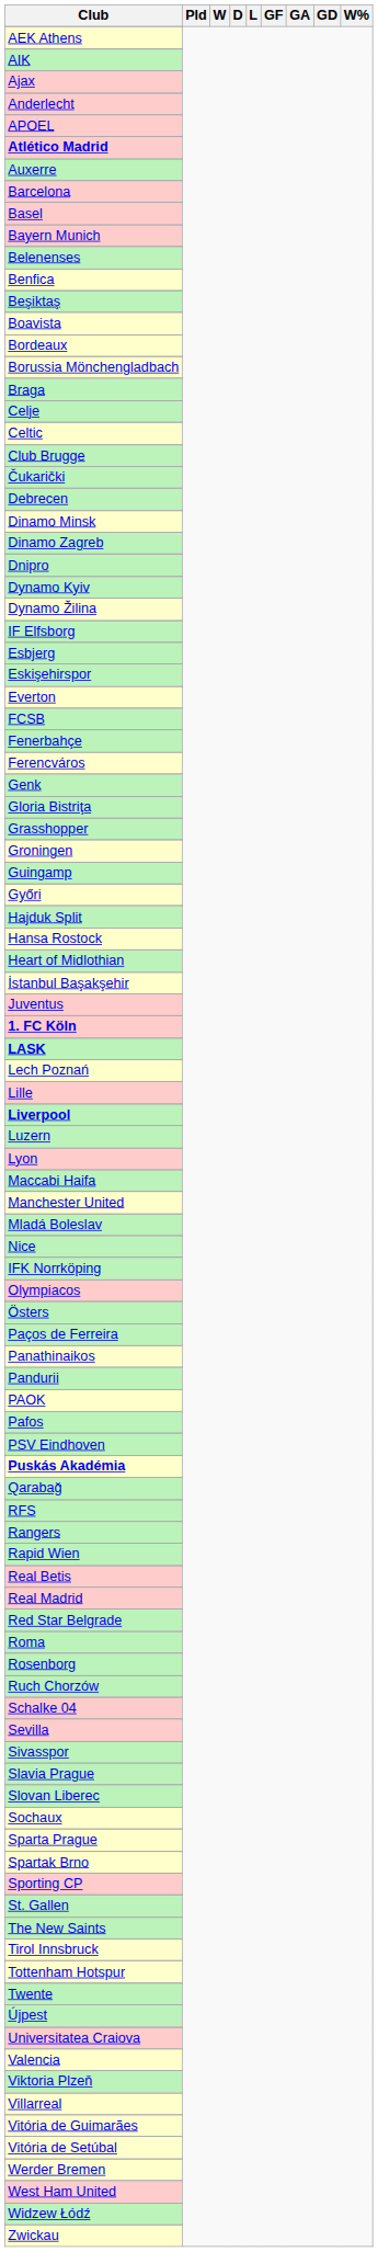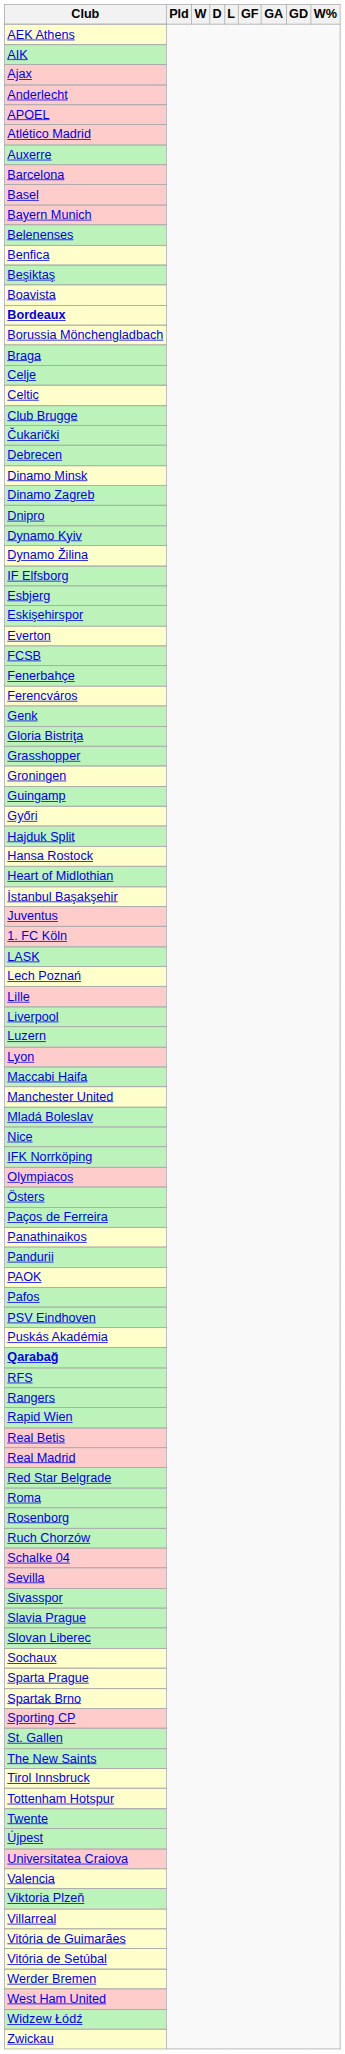 <table class="wikitable sortable" style="text-align: left;">
 <tr>
 <th>Club</th>
 <th>Pld</th>
 <th>W</th>
 <th>D</th>
 <th>L</th>
 <th>GF</th>
 <th>GA</th>
 <th>GD</th>
 <th>W%</th>
 </tr>
 <tr>
 </tr>
 <tr bgcolor= "#ffffcc">
 <td style=align=left> <a href='#'>AEK Athens</a><br></td>
 </tr>
 <tr>
 </tr>
 <tr bgcolor= "#bbf3bb">
 <td style=align=left> <a href='#'>AIK</a><br></td>
 </tr>
 <tr>
 </tr>
 <tr bgcolor= "#ffcccc">
 <td style=align=left> <a href='#'>Ajax</a><br></td>
 </tr>
 <tr>
 </tr>
 <tr bgcolor= "#ffcccc">
 <td style=align=left> <a href='#'>Anderlecht</a><br></td>
 </tr>
 <tr>
 </tr>
 <tr bgcolor= "#ffcccc">
 <td style=align=left> <a href='#'>APOEL</a><br></td>
 </tr>
 <tr>
 </tr>
 <tr bgcolor= "#ffcccc">
-<td style=align=left><strong> <a href='#'>Atlético Madrid</a><br></strong></td>
+<td style=align=left> <a href='#'>Atlético Madrid</a><br></td>
 </tr>
 <tr>
 </tr>
 <tr bgcolor= "#bbf3bb">
 <td style=align=left> <a href='#'>Auxerre</a><br></td>
 </tr>
 <tr>
 </tr>
 <tr bgcolor= "#ffcccc">
 <td style=align=left> <a href='#'>Barcelona</a><br></td>
 </tr>
 <tr>
 </tr>
 <tr bgcolor= "#ffcccc">
 <td style=align=left> <a href='#'>Basel</a><br></td>
 </tr>
 <tr>
 </tr>
 <tr bgcolor= "#ffcccc">
 <td style=align=left> <a href='#'>Bayern Munich</a><br></td>
 </tr>
 <tr>
 </tr>
 <tr bgcolor= "#bbf3bb">
 <td style=align=left> <a href='#'>Belenenses</a><br></td>
 </tr>
 <tr>
 </tr>
 <tr bgcolor= "#ffffcc">
 <td style=align=left> <a href='#'>Benfica</a><br></td>
 </tr>
 <tr>
 </tr>
 <tr bgcolor= "#bbf3bb">
 <td style=align=left> <a href='#'>Beşiktaş</a><br></td>
 </tr>
 <tr>
 </tr>
 <tr bgcolor= "#ffffcc">
 <td style=align=left> <a href='#'>Boavista</a><br></td>
 </tr>
 <tr>
 </tr>
 <tr bgcolor= "#ffffcc">
-<td style=align=left> <a href='#'>Bordeaux</a><br></td>
+<td style=align=left><strong> <a href='#'>Bordeaux</a><br></strong></td>
 </tr>
 <tr>
 </tr>
 <tr bgcolor= "#ffffcc">
 <td style=align=left> <a href='#'>Borussia Mönchengladbach</a><br></td>
 </tr>
 <tr>
 </tr>
 <tr bgcolor= "#bbf3bb">
 <td style=align=left> <a href='#'>Braga</a><br></td>
 </tr>
 <tr>
 </tr>
 <tr bgcolor= "#bbf3bb">
 <td style=align=left> <a href='#'>Celje</a><br></td>
 </tr>
 <tr>
 </tr>
 <tr bgcolor= "#ffffcc">
 <td style=align=left> <a href='#'>Celtic</a><br></td>
 </tr>
 <tr>
 </tr>
 <tr bgcolor= "#bbf3bb">
 <td style=align=left> <a href='#'>Club Brugge</a><br></td>
 </tr>
 <tr>
 </tr>
 <tr bgcolor= "#bbf3bb">
 <td style=align=left> <a href='#'>Čukarički</a><br></td>
 </tr>
 <tr>
 </tr>
 <tr bgcolor= "#bbf3bb">
 <td style=align=left> <a href='#'>Debrecen</a><br></td>
 </tr>
 <tr>
 </tr>
 <tr bgcolor= "#ffffcc">
 <td style=align=left> <a href='#'>Dinamo Minsk</a><br></td>
 </tr>
 <tr>
 </tr>
 <tr bgcolor= "#bbf3bb">
 <td style=align=left> <a href='#'>Dinamo Zagreb</a><br></td>
 </tr>
 <tr>
 </tr>
 <tr bgcolor= "#bbf3bb">
 <td style=align=left> <a href='#'>Dnipro</a><br></td>
 </tr>
 <tr>
 </tr>
 <tr bgcolor= "#bbf3bb">
 <td style=align=left> <a href='#'>Dynamo Kyiv</a><br></td>
 </tr>
 <tr>
 </tr>
 <tr bgcolor= "#ffffcc">
 <td style=align=left> <a href='#'>Dynamo Žilina</a><br></td>
 </tr>
 <tr>
 </tr>
 <tr bgcolor= "#bbf3bb">
 <td style=align=left> <a href='#'>IF Elfsborg</a><br></td>
 </tr>
 <tr>
 </tr>
 <tr bgcolor= "#bbf3bb">
 <td style=align=left> <a href='#'>Esbjerg</a><br></td>
 </tr>
 <tr>
 </tr>
 <tr bgcolor= "#bbf3bb">
 <td style=align=left> <a href='#'>Eskişehirspor</a><br></td>
 </tr>
 <tr>
 </tr>
 <tr bgcolor= "#ffffcc">
 <td style=align=left> <a href='#'>Everton</a><br></td>
 </tr>
 <tr>
 </tr>
 <tr bgcolor= "#bbf3bb">
 <td style=align=left> <a href='#'>FCSB</a><br></td>
 </tr>
 <tr>
 </tr>
 <tr bgcolor= "#bbf3bb">
 <td style=align=left> <a href='#'>Fenerbahçe</a><br></td>
 </tr>
 <tr>
 </tr>
 <tr bgcolor= "#ffffcc">
 <td style=align=left> <a href='#'>Ferencváros</a><br></td>
 </tr>
 <tr>
 </tr>
 <tr bgcolor= "#bbf3bb">
 <td style=align=left> <a href='#'>Genk</a><br></td>
 </tr>
 <tr>
 </tr>
 <tr bgcolor= "#bbf3bb">
 <td style=align=left> <a href='#'>Gloria Bistriţa</a><br></td>
 </tr>
 <tr>
 </tr>
 <tr bgcolor= "#bbf3bb">
 <td style=align=left> <a href='#'>Grasshopper</a><br></td>
 </tr>
 <tr>
 </tr>
 <tr bgcolor= "#ffffcc">
 <td style=align=left> <a href='#'>Groningen</a><br></td>
 </tr>
 <tr>
 </tr>
 <tr bgcolor= "#bbf3bb">
 <td style=align=left> <a href='#'>Guingamp</a><br></td>
 </tr>
 <tr>
 </tr>
 <tr bgcolor= "#ffffcc">
 <td style=align=left> <a href='#'>Győri</a><br></td>
 </tr>
 <tr>
 </tr>
 <tr bgcolor= "#bbf3bb">
 <td style=align=left> <a href='#'>Hajduk Split</a><br></td>
 </tr>
 <tr>
 </tr>
 <tr bgcolor= "#ffffcc">
 <td style=align=left> <a href='#'>Hansa Rostock</a><br></td>
 </tr>
 <tr>
 </tr>
 <tr bgcolor= "#bbf3bb">
 <td style=align=left> <a href='#'>Heart of Midlothian</a><br></td>
 </tr>
 <tr>
 </tr>
 <tr bgcolor= "#ffffcc">
 <td style=align=left> <a href='#'>İstanbul Başakşehir</a><br></td>
 </tr>
 <tr>
 </tr>
 <tr bgcolor= "#ffcccc">
 <td style=align=left> <a href='#'>Juventus</a><br></td>
 </tr>
 <tr>
 </tr>
 <tr bgcolor= "#ffcccc">
-<td style=align=left><strong> <a href='#'>1. FC Köln</a><br></strong></td>
+<td style=align=left> <a href='#'>1. FC Köln</a><br></td>
 </tr>
 <tr>
 </tr>
 <tr bgcolor= "#bbf3bb">
-<td style=align=left><strong> <a href='#'>LASK</a><br></strong></td>
+<td style=align=left> <a href='#'>LASK</a><br></td>
 </tr>
 <tr>
 </tr>
 <tr bgcolor= "#ffffcc">
 <td style=align=left> <a href='#'>Lech Poznań</a><br></td>
 </tr>
 <tr>
 </tr>
 <tr bgcolor= "#ffcccc">
 <td style=align=left> <a href='#'>Lille</a><br></td>
 </tr>
 <tr>
 </tr>
 <tr bgcolor= "#bbf3bb">
-<td style=align=left><strong> <a href='#'>Liverpool</a><br></strong></td>
+<td style=align=left> <a href='#'>Liverpool</a><br></td>
 </tr>
 <tr>
 </tr>
 <tr bgcolor= "#bbf3bb">
 <td style=align=left> <a href='#'>Luzern</a><br></td>
 </tr>
 <tr>
 </tr>
 <tr bgcolor= "#ffcccc">
 <td style=align=left> <a href='#'>Lyon</a><br></td>
 </tr>
 <tr>
 </tr>
 <tr bgcolor= "#bbf3bb">
 <td style=align=left> <a href='#'>Maccabi Haifa</a><br></td>
 </tr>
 <tr>
 </tr>
 <tr bgcolor= "#ffffcc">
 <td style=align=left> <a href='#'>Manchester United</a><br></td>
 </tr>
 <tr>
 </tr>
 <tr bgcolor= "#bbf3bb">
 <td style=align=left> <a href='#'>Mladá Boleslav</a><br></td>
 </tr>
 <tr>
 </tr>
 <tr bgcolor= "#bbf3bb">
 <td style=align=left> <a href='#'>Nice</a><br></td>
 </tr>
 <tr>
 </tr>
 <tr bgcolor= "#bbf3bb">
 <td style=align=left> <a href='#'>IFK Norrköping</a><br></td>
 </tr>
 <tr>
 </tr>
 <tr bgcolor= "#ffcccc">
 <td style=align=left> <a href='#'>Olympiacos</a><br></td>
 </tr>
 <tr>
 </tr>
 <tr bgcolor= "#bbf3bb">
 <td style=align=left> <a href='#'>Östers</a><br></td>
 </tr>
 <tr>
 </tr>
 <tr bgcolor= "#bbf3bb">
 <td style=align=left> <a href='#'>Paços de Ferreira</a><br></td>
 </tr>
 <tr>
 </tr>
 <tr bgcolor= "#ffffcc">
 <td style=align=left> <a href='#'>Panathinaikos</a><br></td>
 </tr>
 <tr>
 </tr>
 <tr bgcolor= "#bbf3bb">
 <td style=align=left> <a href='#'>Pandurii</a><br></td>
 </tr>
 <tr>
 </tr>
 <tr bgcolor= "#ffffcc">
 <td style=align=left> <a href='#'>PAOK</a><br></td>
 </tr>
 <tr>
 </tr>
 <tr bgcolor= "#bbf3bb">
 <td style=align=left> <a href='#'>Pafos</a><br></td>
 </tr>
 <tr>
 </tr>
 <tr bgcolor= "#bbf3bb">
 <td style=align=left> <a href='#'>PSV Eindhoven</a><br></td>
 </tr>
 <tr>
 </tr>
 <tr bgcolor= "#ffffcc">
-<td style=align=left><strong> <a href='#'>Puskás Akadémia</a><br></strong></td>
+<td style=align=left> <a href='#'>Puskás Akadémia</a><br></td>
 </tr>
 <tr>
 </tr>
 <tr bgcolor= "#bbf3bb">
-<td style=align=left> <a href='#'>Qarabağ</a><br></td>
+<td style=align=left><strong> <a href='#'>Qarabağ</a><br></strong></td>
 </tr>
 <tr>
 </tr>
 <tr bgcolor= "#bbf3bb">
 <td style=align=left> <a href='#'>RFS</a><br></td>
 </tr>
 <tr>
 </tr>
 <tr bgcolor= "#bbf3bb">
 <td style=align=left> <a href='#'>Rangers</a><br></td>
 </tr>
 <tr>
 </tr>
 <tr bgcolor= "#bbf3bb">
 <td style=align=left> <a href='#'>Rapid Wien</a><br></td>
 </tr>
 <tr>
 </tr>
 <tr bgcolor= "#ffcccc">
 <td style=align=left> <a href='#'>Real Betis</a><br></td>
 </tr>
 <tr>
 </tr>
 <tr bgcolor= "#ffcccc">
 <td style=align=left> <a href='#'>Real Madrid</a><br></td>
 </tr>
 <tr>
 </tr>
 <tr bgcolor= "#bbf3bb">
 <td style=align=left> <a href='#'>Red Star Belgrade</a><br></td>
 </tr>
 <tr>
 </tr>
 <tr bgcolor= "#bbf3bb">
 <td style=align=left> <a href='#'>Roma</a><br></td>
 </tr>
 <tr>
 </tr>
 <tr bgcolor= "#bbf3bb">
 <td style=align=left> <a href='#'>Rosenborg</a><br></td>
 </tr>
 <tr>
 </tr>
 <tr bgcolor= "#bbf3bb">
 <td style=align=left> <a href='#'>Ruch Chorzów</a><br></td>
 </tr>
 <tr>
 </tr>
 <tr bgcolor= "#ffcccc">
 <td style=align=left> <a href='#'>Schalke 04</a><br></td>
 </tr>
 <tr>
 </tr>
 <tr bgcolor= "#ffcccc">
 <td style=align=left> <a href='#'>Sevilla</a><br></td>
 </tr>
 <tr>
 </tr>
 <tr bgcolor= "#bbf3bb">
 <td style=align=left> <a href='#'>Sivasspor</a><br></td>
 </tr>
 <tr>
 </tr>
 <tr bgcolor= "#bbf3bb">
 <td style=align=left> <a href='#'>Slavia Prague</a><br></td>
 </tr>
 <tr>
 </tr>
 <tr bgcolor= "#bbf3bb">
 <td style=align=left> <a href='#'>Slovan Liberec</a><br></td>
 </tr>
 <tr>
 </tr>
 <tr bgcolor= "#ffffcc">
 <td style=align=left> <a href='#'>Sochaux</a><br></td>
 </tr>
 <tr>
 </tr>
 <tr bgcolor= "#ffffcc">
 <td style=align=left> <a href='#'>Sparta Prague</a><br></td>
 </tr>
 <tr>
 </tr>
 <tr bgcolor= "#ffffcc">
 <td style=align=left> <a href='#'>Spartak Brno</a><br></td>
 </tr>
 <tr>
 </tr>
 <tr bgcolor= "#ffcccc">
 <td style=align=left> <a href='#'>Sporting CP</a><br></td>
 </tr>
 <tr>
 </tr>
 <tr bgcolor= "#bbf3bb">
 <td style=align=left> <a href='#'>St. Gallen</a><br></td>
 </tr>
 <tr>
 </tr>
 <tr bgcolor= "#bbf3bb">
 <td style=align=left> <a href='#'>The New Saints</a><br></td>
 </tr>
 <tr>
 </tr>
 <tr bgcolor= "#ffffcc">
 <td style=align=left> <a href='#'>Tirol Innsbruck</a><br></td>
 </tr>
 <tr>
 </tr>
 <tr bgcolor= "#ffffcc">
 <td style=align=left> <a href='#'>Tottenham Hotspur</a><br></td>
 </tr>
 <tr>
 </tr>
 <tr bgcolor= "#bbf3bb">
 <td style=align=left> <a href='#'>Twente</a><br></td>
 </tr>
 <tr>
 </tr>
 <tr bgcolor= "#bbf3bb">
 <td style=align=left> <a href='#'>Újpest</a><br></td>
 </tr>
 <tr>
 </tr>
 <tr bgcolor= "#ffcccc">
 <td style=align=left> <a href='#'>Universitatea Craiova</a><br></td>
 </tr>
 <tr>
 </tr>
 <tr bgcolor= "#ffffcc">
 <td style=align=left> <a href='#'>Valencia</a><br></td>
 </tr>
 <tr>
 </tr>
 <tr bgcolor= "#bbf3bb">
 <td style=align=left> <a href='#'>Viktoria Plzeň</a><br></td>
 </tr>
 <tr>
 </tr>
 <tr bgcolor= "#ffffcc">
 <td style=align=left> <a href='#'>Villarreal</a><br></td>
 </tr>
 <tr>
 </tr>
 <tr bgcolor= "#ffffcc">
 <td style=align=left> <a href='#'>Vitória de Guimarães</a><br></td>
 </tr>
 <tr>
 </tr>
 <tr bgcolor= "#ffffcc">
 <td style=align=left> <a href='#'>Vitória de Setúbal</a><br></td>
 </tr>
 <tr>
 </tr>
 <tr bgcolor= "#ffffcc">
 <td style=align=left> <a href='#'>Werder Bremen</a><br></td>
 </tr>
 <tr>
 </tr>
 <tr bgcolor= "#ffcccc">
 <td style=align=left> <a href='#'>West Ham United</a><br></td>
 </tr>
 <tr>
 </tr>
 <tr bgcolor= "#bbf3bb">
 <td style=align=left> <a href='#'>Widzew Łódź</a><br></td>
 </tr>
 <tr>
 </tr>
 <tr bgcolor= "#ffffcc">
 <td style=align=left> <a href='#'>Zwickau</a><br></td>
 </tr>
 </table>
